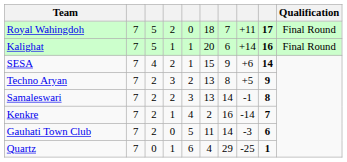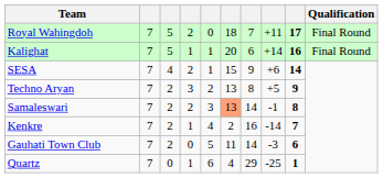 <table class="wikitable" style="text-align:center">
 <tr>
 <th width="175">Team</th>
 <th width="20"></th>
 <th width="20"></th>
 <th width="20"></th>
 <th width="20"></th>
 <th width="20"></th>
 <th width="20"></th>
 <th width="20"></th>
 <th width="20"></th>
 <th width="20">Qualification</th>
 </tr>
 <tr bgcolor="#ccffcc">
 <td align=left><a href='#'>Royal Wahingdoh</a></td>
 <td>7</td>
 <td>5</td>
 <td>2</td>
 <td>0</td>
 <td>18</td>
 <td>7</td>
 <td>+11</td>
 <td><strong>17</strong></td>
 <td>Final Round</td>
 </tr>
 <tr bgcolor="#ccffcc">
 <td align=left><a href='#'>Kalighat</a></td>
 <td>7</td>
 <td>5</td>
 <td>1</td>
 <td>1</td>
 <td>20</td>
 <td>6</td>
 <td>+14</td>
 <td><strong>16</strong></td>
 <td>Final Round</td>
 </tr>
 <tr>
 <td align=left><a href='#'>SESA</a></td>
 <td>7</td>
 <td>4</td>
 <td>2</td>
 <td>1</td>
 <td>15</td>
 <td>9</td>
 <td>+6</td>
 <td><strong>14</strong></td>
 </tr>
 <tr>
 <td align=left><a href='#'>Techno Aryan</a></td>
 <td>7</td>
 <td>2</td>
 <td>3</td>
 <td>2</td>
 <td>13</td>
 <td>8</td>
 <td>+5</td>
 <td><strong>9</strong></td>
 </tr>
 <tr>
 <td align=left><a href='#'>Samaleswari</a></td>
 <td>7</td>
 <td>2</td>
 <td>2</td>
 <td>3</td>
-<td>13</td>
+<td style="background: lightsalmon;">13</td>
 <td>14</td>
 <td>-1</td>
 <td><strong>8</strong></td>
 </tr>
 <tr>
 <td align=left><a href='#'>Kenkre</a></td>
 <td>7</td>
 <td>2</td>
 <td>1</td>
 <td>4</td>
 <td>2</td>
 <td>16</td>
 <td>-14</td>
 <td><strong>7</strong></td>
 </tr>
 <tr>
 <td align=left><a href='#'>Gauhati Town Club</a></td>
 <td>7</td>
 <td>2</td>
 <td>0</td>
 <td>5</td>
 <td>11</td>
 <td>14</td>
 <td>-3</td>
 <td><strong>6</strong></td>
 </tr>
 <tr>
 <td align=left><a href='#'>Quartz</a></td>
 <td>7</td>
 <td>0</td>
 <td>1</td>
 <td>6</td>
 <td>4</td>
 <td>29</td>
 <td>-25</td>
 <td><strong>1</strong></td>
 </tr>
 </table>
